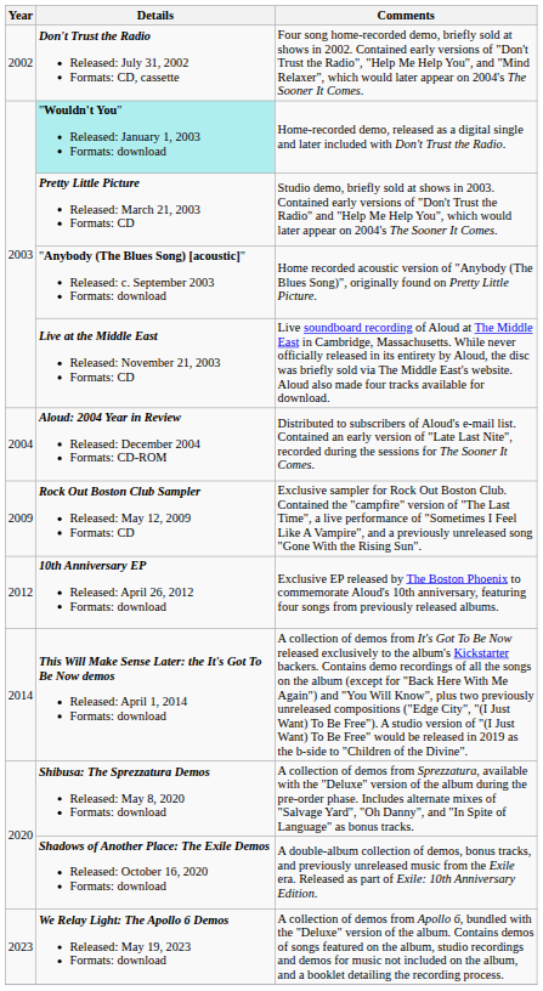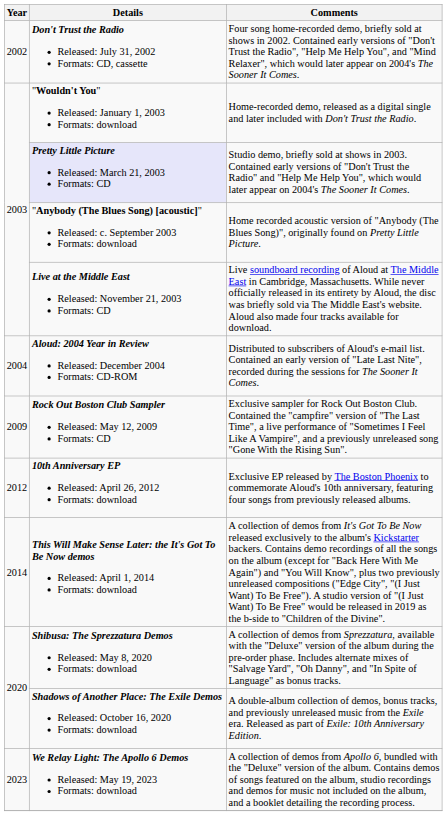 <table class="wikitable sortable">
 <tr>
 <th width="15">Year</th>
 <th width="300">Details</th>
 <th width="330">Comments</th>
 </tr>
 <tr>
 <td>2002</td>
 <td><strong><em>Don't Trust the Radio</em></strong><br><ul><li>Released: July 31, 2002</li><li>Formats: CD, cassette</li></ul></td>
 <td>Four song home-recorded demo, briefly sold at shows in 2002. Contained early versions of "Don't Trust the Radio", "Help Me Help You", and "Mind Relaxer", which would later appear on 2004's <em>The Sooner It Comes</em>.</td>
 </tr>
 <tr>
 <td rowspan="4">2003</td>
-<td style="background: paleturquoise;">"<strong>Wouldn't You</strong>"<br><ul><li>Released: January 1, 2003</li><li>Formats: download</li></ul></td>
+<td>"<strong>Wouldn't You</strong>"<br><ul><li>Released: January 1, 2003</li><li>Formats: download</li></ul></td>
 <td>Home-recorded demo, released as a digital single and later included with <em>Don't Trust the Radio</em>.</td>
 </tr>
 <tr>
-<td><strong><em>Pretty Little Picture</em></strong><br><ul><li>Released: March 21, 2003</li><li>Formats: CD</li></ul></td>
+<td style="background: lavender;"><strong><em>Pretty Little Picture</em></strong><br><ul><li>Released: March 21, 2003</li><li>Formats: CD</li></ul></td>
 <td>Studio demo, briefly sold at shows in 2003. Contained early versions of "Don't Trust the Radio" and "Help Me Help You", which would later appear on 2004's <em>The Sooner It Comes</em>.</td>
 </tr>
 <tr>
 <td>"<strong>Anybody (The Blues Song) [acoustic]</strong>"<br><ul><li>Released: c. September 2003</li><li>Formats: download</li></ul></td>
 <td>Home recorded acoustic version of "Anybody (The Blues Song)", originally found on <em>Pretty Little Picture</em>.</td>
 </tr>
 <tr>
 <td><strong><em>Live at the Middle East</em></strong><br><ul><li>Released: November 21, 2003</li><li>Formats: CD</li></ul></td>
 <td>Live <a href='#'>soundboard recording</a> of Aloud at <a href='#'>The Middle East</a> in Cambridge, Massachusetts. While never officially released in its entirety by Aloud, the disc was briefly sold via The Middle East's website. Aloud also made four tracks available for download.</td>
 </tr>
 <tr>
 <td>2004</td>
 <td><strong><em>Aloud: 2004 Year in Review</em></strong><br><ul><li>Released: December 2004</li><li>Formats: CD-ROM</li></ul></td>
 <td>Distributed to subscribers of Aloud's e-mail list. Contained an early version of "Late Last Nite", recorded during the sessions for <em>The Sooner It Comes</em>.</td>
 </tr>
 <tr>
 <td>2009</td>
 <td><strong><em>Rock Out Boston Club Sampler</em></strong><br><ul><li>Released: May 12, 2009</li><li>Formats: CD</li></ul></td>
 <td>Exclusive sampler for Rock Out Boston Club. Contained the "campfire" version of "The Last Time", a live performance of "Sometimes I Feel Like A Vampire", and a previously unreleased song "Gone With the Rising Sun".</td>
 </tr>
 <tr>
 <td>2012</td>
 <td><strong><em>10th Anniversary EP</em></strong><br><ul><li>Released: April 26, 2012</li><li>Formats: download</li></ul></td>
 <td>Exclusive EP released by <a href='#'>The Boston Phoenix</a> to commemorate Aloud's 10th anniversary, featuring four songs from previously released albums.</td>
 </tr>
 <tr>
 <td>2014</td>
 <td><strong><em>This Will Make Sense Later: the It's Got To Be Now demos</em></strong><br><ul><li>Released: April 1, 2014</li><li>Formats: download</li></ul></td>
 <td>A collection of demos from <em>It's Got To Be Now</em> released exclusively to the album's <a href='#'>Kickstarter</a> backers. Contains demo recordings of all the songs on the album (except for "Back Here With Me Again") and "You Will Know", plus two previously unreleased compositions ("Edge City", "(I Just Want) To Be Free"). A studio version of "(I Just Want) To Be Free" would be released in 2019 as the b-side to "Children of the Divine".</td>
 </tr>
 <tr>
 <td rowspan="2">2020</td>
 <td><strong><em>Shibusa: The Sprezzatura Demos</em></strong><br><ul><li>Released: May 8, 2020</li><li>Formats: download</li></ul></td>
 <td>A collection of demos from <em>Sprezzatura</em>, available with the "Deluxe" version of the album during the pre-order phase. Includes alternate mixes of "Salvage Yard", "Oh Danny", and "In Spite of Language" as bonus tracks.</td>
 </tr>
 <tr>
 <td><strong><em>Shadows of Another Place: The Exile Demos</em></strong><br><ul><li>Released: October 16, 2020</li><li>Formats: download</li></ul></td>
 <td>A double-album collection of demos, bonus tracks, and previously unreleased music from the <em>Exile</em> era. Released as part of <em>Exile: 10th Anniversary Edition</em>.</td>
 </tr>
 <tr>
 <td>2023</td>
 <td><strong><em>We Relay Light: The Apollo 6 Demos</em></strong><br><ul><li>Released: May 19, 2023</li><li>Formats: download</li></ul></td>
 <td>A collection of demos from <em>Apollo 6</em>, bundled with the "Deluxe" version of the album. Contains demos of songs featured on the album, studio recordings and demos for music not included on the album, and a booklet detailing the recording process.</td>
 </tr>
 <tr>
 </tr>
 </table>
